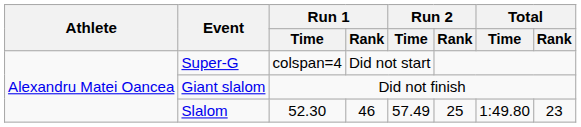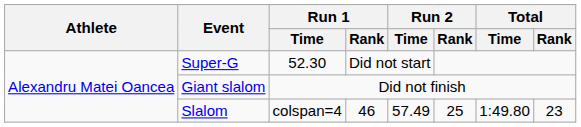 <table class="wikitable" style="font-size:90%">
 <tr>
 <th rowspan=2>Athlete</th>
 <th rowspan=2>Event</th>
 <th colspan=2>Run 1</th>
 <th colspan=2>Run 2</th>
 <th colspan=2>Total</th>
 </tr>
 <tr style="font-size:95%">
 <th>Time</th>
 <th>Rank</th>
 <th>Time</th>
 <th>Rank</th>
 <th>Time</th>
 <th>Rank</th>
 </tr>
 <tr align=center>
 <td align="left" rowspan="3"><a href='#'>Alexandru Matei Oancea</a></td>
 <td align="left"><a href='#'>Super-G</a></td>
-<td>colspan=4</td>
+<td>52.30</td>
 <td colspan=2>Did not start</td>
 </tr>
 <tr align=center>
 <td align="left"><a href='#'>Giant slalom</a></td>
 <td colspan=6>Did not finish</td>
 </tr>
 <tr align=center>
 <td align="left"><a href='#'>Slalom</a></td>
-<td>52.30</td>
+<td>colspan=4</td>
 <td>46</td>
 <td>57.49</td>
 <td>25</td>
 <td>1:49.80</td>
 <td>23</td>
 </tr>
 </table>
